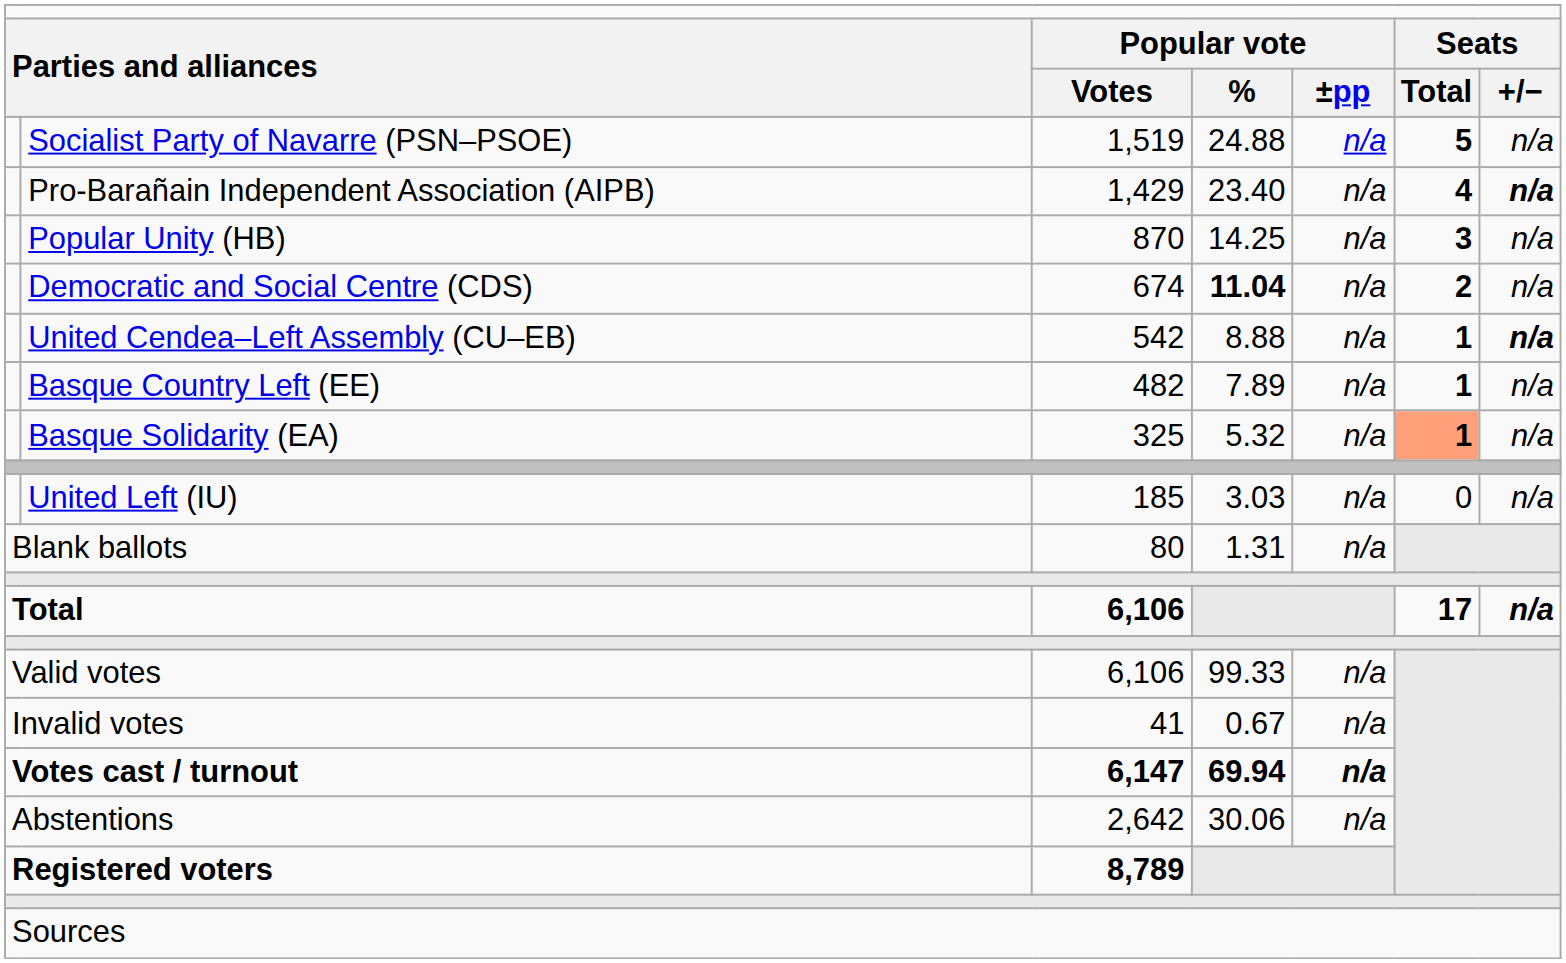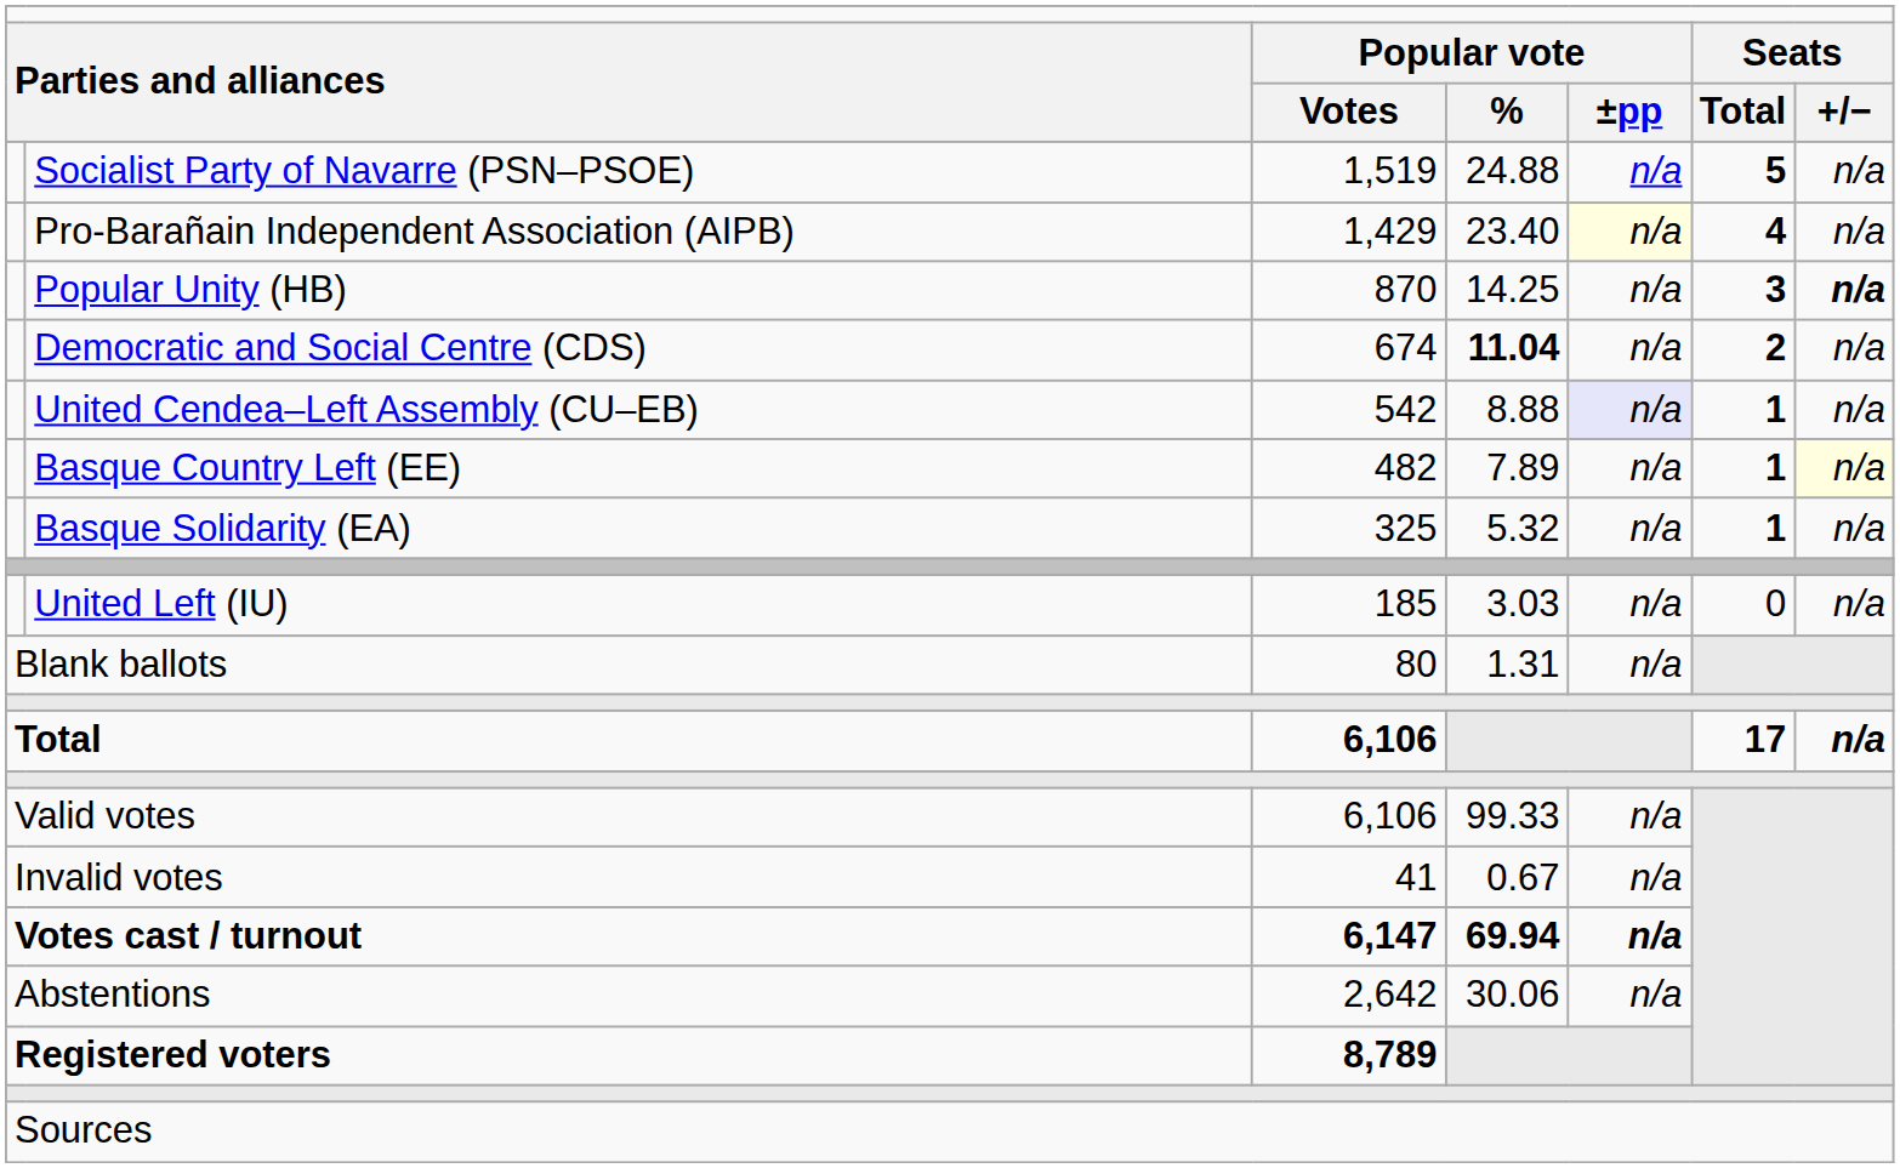 <table class="wikitable" style="text-align:right;">
 <tr>
 <td colspan="7"></td>
 </tr>
 <tr>
 <th style="text-align:left;" rowspan="2" colspan="2" width="525">Parties and alliances</th>
 <th colspan="3">Popular vote</th>
 <th colspan="2">Seats</th>
 </tr>
 <tr>
 <th width="75">Votes</th>
 <th width="45">%</th>
 <th width="45">±<a href='#'>pp</a></th>
 <th width="35">Total</th>
 <th width="35">+/−</th>
 </tr>
 <tr>
 <td width="1" style="color:inherit;background:"></td>
 <td align="left"><a href='#'>Socialist Party of Navarre</a> (PSN–PSOE)</td>
 <td>1,519</td>
 <td>24.88</td>
 <td><em><a href='#'>n/a</a></em></td>
 <td><strong>5</strong></td>
 <td><em>n/a</em></td>
 </tr>
 <tr>
 <td style="color:inherit;background:"></td>
 <td align="left">Pro-Barañain Independent Association (AIPB)</td>
 <td>1,429</td>
 <td>23.40</td>
+<td style="background: lightyellow;"><em>n/a</em></td>
+<td><strong>4</strong></td>
 <td><em>n/a</em></td>
-<td><strong>4</strong></td>
-<td><strong><em>n/a</em></strong></td>
 </tr>
 <tr>
 <td style="color:inherit;background:"></td>
 <td align="left"><a href='#'>Popular Unity</a> (HB)</td>
 <td>870</td>
 <td>14.25</td>
 <td><em>n/a</em></td>
 <td><strong>3</strong></td>
-<td><em>n/a</em></td>
+<td><strong><em>n/a</em></strong></td>
 </tr>
 <tr>
 <td style="color:inherit;background:"></td>
 <td align="left"><a href='#'>Democratic and Social Centre</a> (CDS)</td>
 <td>674</td>
 <td><strong>11.04</strong></td>
 <td><em>n/a</em></td>
 <td><strong>2</strong></td>
 <td><em>n/a</em></td>
 </tr>
 <tr>
 <td style="color:inherit;background:"></td>
 <td align="left"><a href='#'>United Cendea–Left Assembly</a> (CU–EB)</td>
 <td>542</td>
 <td>8.88</td>
+<td style="background: lavender;"><em>n/a</em></td>
+<td><strong>1</strong></td>
 <td><em>n/a</em></td>
-<td><strong>1</strong></td>
-<td><strong><em>n/a</em></strong></td>
 </tr>
 <tr>
 <td style="color:inherit;background:"></td>
 <td align="left"><a href='#'>Basque Country Left</a> (EE)</td>
 <td>482</td>
 <td>7.89</td>
 <td><em>n/a</em></td>
 <td><strong>1</strong></td>
-<td><em>n/a</em></td>
+<td style="background: lightyellow;"><em>n/a</em></td>
 </tr>
 <tr>
 <td style="color:inherit;background:"></td>
 <td align="left"><a href='#'>Basque Solidarity</a> (EA)</td>
 <td>325</td>
 <td>5.32</td>
 <td><em>n/a</em></td>
-<td style="background: lightsalmon;"><strong>1</strong></td>
+<td><strong>1</strong></td>
 <td><em>n/a</em></td>
 </tr>
 <tr>
 <td colspan="7" bgcolor="#C0C0C0"></td>
 </tr>
 <tr>
 <td style="color:inherit;background:"></td>
 <td align="left"><a href='#'>United Left</a> (IU)</td>
 <td>185</td>
 <td>3.03</td>
 <td><em>n/a</em></td>
 <td>0</td>
 <td><em>n/a</em></td>
 </tr>
 <tr>
 <td align="left" colspan="2">Blank ballots</td>
 <td>80</td>
 <td>1.31</td>
 <td><em>n/a</em></td>
 <td bgcolor="#E9E9E9" colspan="2"></td>
 </tr>
 <tr>
 <td colspan="7" bgcolor="#E9E9E9"></td>
 </tr>
 <tr style="font-weight:bold;">
 <td align="left" colspan="2">Total</td>
 <td>6,106</td>
 <td bgcolor="#E9E9E9" colspan="2"></td>
 <td>17</td>
 <td><em>n/a</em></td>
 </tr>
 <tr>
 <td colspan="7" bgcolor="#E9E9E9"></td>
 </tr>
 <tr>
 <td align="left" colspan="2">Valid votes</td>
 <td>6,106</td>
 <td>99.33</td>
 <td><em>n/a</em></td>
 <td bgcolor="#E9E9E9" colspan="2" rowspan="5"></td>
 </tr>
 <tr>
 <td align="left" colspan="2">Invalid votes</td>
 <td>41</td>
 <td>0.67</td>
 <td><em>n/a</em></td>
 </tr>
 <tr style="font-weight:bold;">
 <td align="left" colspan="2">Votes cast / turnout</td>
 <td>6,147</td>
 <td>69.94</td>
 <td><em>n/a</em></td>
 </tr>
 <tr>
 <td align="left" colspan="2">Abstentions</td>
 <td>2,642</td>
 <td>30.06</td>
 <td><em>n/a</em></td>
 </tr>
 <tr style="font-weight:bold;">
 <td align="left" colspan="2">Registered voters</td>
 <td>8,789</td>
 <td bgcolor="#E9E9E9" colspan="2"></td>
 </tr>
 <tr>
 <td colspan="7" bgcolor="#E9E9E9"></td>
 </tr>
 <tr>
 <td align="left" colspan="7">Sources</td>
 </tr>
 </table>
